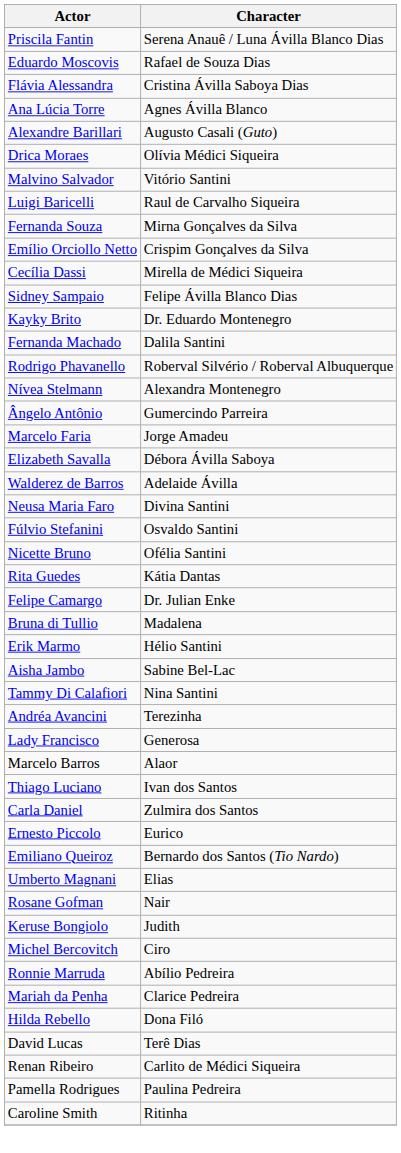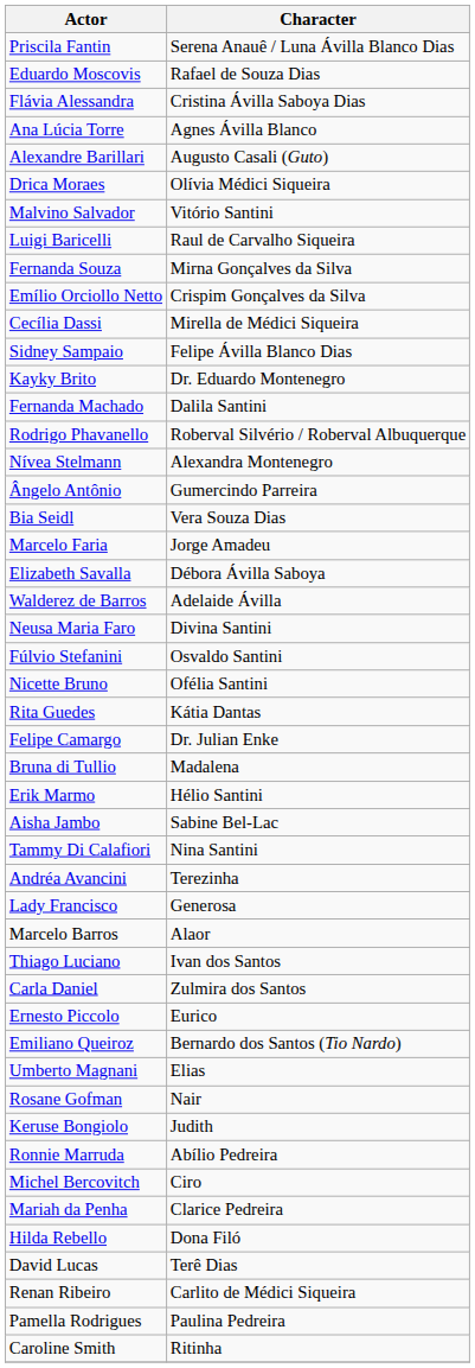 <table class="wikitable">
 <tr>
 <th>Actor</th>
 <th>Character</th>
 </tr>
 <tr>
 <td><a href='#'>Priscila Fantin</a></td>
 <td>Serena Anauê / Luna Ávilla Blanco Dias</td>
 </tr>
 <tr>
 <td><a href='#'>Eduardo Moscovis</a></td>
 <td>Rafael de Souza Dias</td>
 </tr>
 <tr>
 <td><a href='#'>Flávia Alessandra</a></td>
 <td>Cristina Ávilla Saboya Dias</td>
 </tr>
 <tr>
 <td><a href='#'>Ana Lúcia Torre</a></td>
 <td>Agnes Ávilla Blanco</td>
 </tr>
 <tr>
 <td><a href='#'>Alexandre Barillari</a></td>
 <td>Augusto Casali (<em>Guto</em>)</td>
 </tr>
 <tr>
 <td><a href='#'>Drica Moraes</a></td>
 <td>Olívia Médici Siqueira</td>
 </tr>
 <tr>
 <td><a href='#'>Malvino Salvador</a></td>
 <td>Vitório Santini</td>
 </tr>
 <tr>
 <td><a href='#'>Luigi Baricelli</a></td>
 <td>Raul de Carvalho Siqueira</td>
 </tr>
 <tr>
 <td><a href='#'>Fernanda Souza</a></td>
 <td>Mirna Gonçalves da Silva</td>
 </tr>
 <tr>
 <td><a href='#'>Emílio Orciollo Netto</a></td>
 <td>Crispim Gonçalves da Silva</td>
 </tr>
 <tr>
 <td><a href='#'>Cecília Dassi</a></td>
 <td>Mirella de Médici Siqueira</td>
 </tr>
 <tr>
 <td><a href='#'>Sidney Sampaio</a></td>
 <td>Felipe Ávilla Blanco Dias</td>
 </tr>
 <tr>
 <td><a href='#'>Kayky Brito</a></td>
 <td>Dr. Eduardo Montenegro</td>
 </tr>
 <tr>
 <td><a href='#'>Fernanda Machado</a></td>
 <td>Dalila Santini</td>
 </tr>
 <tr>
 <td><a href='#'>Rodrigo Phavanello</a></td>
 <td>Roberval Silvério / Roberval Albuquerque</td>
 </tr>
 <tr>
 <td><a href='#'>Nívea Stelmann</a></td>
 <td>Alexandra Montenegro</td>
 </tr>
 <tr>
 <td><a href='#'>Ângelo Antônio</a></td>
 <td>Gumercindo Parreira</td>
+</tr>
+<tr>
+<td><a href='#'>Bia Seidl</a></td>
+<td>Vera Souza Dias</td>
 </tr>
 <tr>
 <td><a href='#'>Marcelo Faria</a></td>
 <td>Jorge Amadeu</td>
 </tr>
 <tr>
 <td><a href='#'>Elizabeth Savalla</a></td>
 <td>Débora Ávilla Saboya</td>
 </tr>
 <tr>
 <td><a href='#'>Walderez de Barros</a></td>
 <td>Adelaide Ávilla</td>
 </tr>
 <tr>
 <td><a href='#'>Neusa Maria Faro</a></td>
 <td>Divina Santini</td>
 </tr>
 <tr>
 <td><a href='#'>Fúlvio Stefanini</a></td>
 <td>Osvaldo Santini</td>
 </tr>
 <tr>
 <td><a href='#'>Nicette Bruno</a></td>
 <td>Ofélia Santini</td>
 </tr>
 <tr>
 <td><a href='#'>Rita Guedes</a></td>
 <td>Kátia Dantas</td>
 </tr>
 <tr>
 <td><a href='#'>Felipe Camargo</a></td>
 <td>Dr. Julian Enke</td>
 </tr>
 <tr>
 <td><a href='#'>Bruna di Tullio</a></td>
 <td>Madalena</td>
 </tr>
 <tr>
 <td><a href='#'>Erik Marmo</a></td>
 <td>Hélio Santini</td>
 </tr>
 <tr>
 <td><a href='#'>Aisha Jambo</a></td>
 <td>Sabine Bel-Lac</td>
 </tr>
 <tr>
 <td><a href='#'>Tammy Di Calafiori</a></td>
 <td>Nina Santini</td>
 </tr>
 <tr>
 <td><a href='#'>Andréa Avancini</a></td>
 <td>Terezinha</td>
 </tr>
 <tr>
 <td><a href='#'>Lady Francisco</a></td>
 <td>Generosa</td>
 </tr>
 <tr>
 <td>Marcelo Barros</td>
 <td>Alaor</td>
 </tr>
 <tr>
 <td><a href='#'>Thiago Luciano</a></td>
 <td>Ivan dos Santos</td>
 </tr>
 <tr>
 <td><a href='#'>Carla Daniel</a></td>
 <td>Zulmira dos Santos</td>
 </tr>
 <tr>
 <td><a href='#'>Ernesto Piccolo</a></td>
 <td>Eurico</td>
 </tr>
 <tr>
 <td><a href='#'>Emiliano Queiroz</a></td>
 <td>Bernardo dos Santos (<em>Tio Nardo</em>)</td>
 </tr>
 <tr>
 <td><a href='#'>Umberto Magnani</a></td>
 <td>Elias</td>
 </tr>
 <tr>
 <td><a href='#'>Rosane Gofman</a></td>
 <td>Nair</td>
 </tr>
 <tr>
 <td><a href='#'>Keruse Bongiolo</a></td>
 <td>Judith</td>
 </tr>
 <tr>
+<td><a href='#'>Ronnie Marruda</a></td>
+<td>Abílio Pedreira</td>
+</tr>
+<tr>
 <td><a href='#'>Michel Bercovitch</a></td>
 <td>Ciro</td>
-</tr>
-<tr>
-<td><a href='#'>Ronnie Marruda</a></td>
-<td>Abílio Pedreira</td>
 </tr>
 <tr>
 <td><a href='#'>Mariah da Penha</a></td>
 <td>Clarice Pedreira</td>
 </tr>
 <tr>
 <td><a href='#'>Hilda Rebello</a></td>
 <td>Dona Filó</td>
 </tr>
 <tr>
 <td>David Lucas</td>
 <td>Terê Dias</td>
 </tr>
 <tr>
 <td>Renan Ribeiro</td>
 <td>Carlito de Médici Siqueira</td>
 </tr>
 <tr>
 <td>Pamella Rodrigues</td>
 <td>Paulina Pedreira</td>
 </tr>
 <tr>
 <td>Caroline Smith</td>
 <td>Ritinha</td>
 </tr>
 <tr>
 </tr>
 </table>
